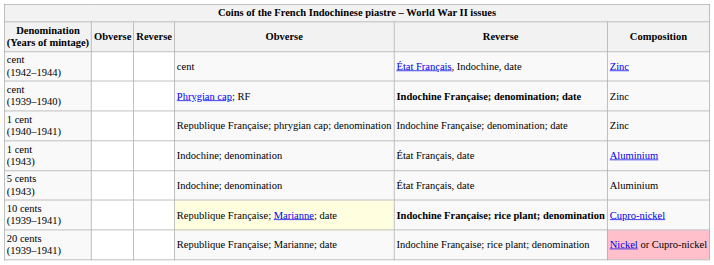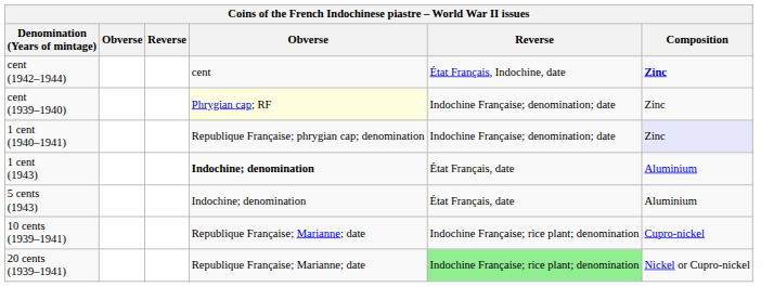 <table class="wikitable" style="font-size: 90%">
 <tr>
 <th colspan="14">Coins of the French Indochinese piastre – World War II issues</th>
 </tr>
 <tr>
 <th>Denomination<br>(Years of mintage)</th>
 <th>Obverse</th>
 <th>Reverse</th>
 <th>Obverse</th>
 <th>Reverse</th>
 <th>Composition</th>
 </tr>
 <tr>
 <td> cent<br>(1942–1944)</td>
 <td style="text-align:center; background:#fff;"></td>
 <td style="text-align:center; background:#fff;"></td>
 <td> cent</td>
 <td><a href='#'>État Français</a>, Indochine, date</td>
-<td><a href='#'>Zinc</a></td>
+<td><strong><a href='#'>Zinc</a></strong></td>
 </tr>
 <tr>
 <td> cent<br>(1939–1940)</td>
 <td style="text-align:center; background:#fff;"></td>
 <td style="text-align:center; background:#fff;"></td>
-<td><a href='#'>Phrygian cap</a>; RF</td>
-<td><strong>Indochine Française; denomination; date</strong></td>
+<td style="background: lightyellow;"><a href='#'>Phrygian cap</a>; RF</td>
+<td>Indochine Française; denomination; date</td>
 <td>Zinc</td>
 </tr>
 <tr>
 <td>1 cent<br>(1940–1941)</td>
 <td style="text-align:center; background:#fff;"></td>
 <td style="text-align:center; background:#fff;"></td>
 <td>Republique Française; phrygian cap; denomination</td>
 <td>Indochine Française; denomination; date</td>
-<td>Zinc</td>
+<td style="background: lavender;">Zinc</td>
 </tr>
 <tr>
 <td>1 cent<br>(1943)</td>
 <td style="text-align:center; background:#fff;"></td>
 <td style="text-align:center; background:#fff;"></td>
-<td>Indochine; denomination</td>
+<td><strong>Indochine; denomination</strong></td>
 <td>État Français, date</td>
 <td><a href='#'>Aluminium</a></td>
 </tr>
 <tr>
 <td>5 cents<br>(1943)</td>
 <td style="text-align:center; background:#fff;"></td>
 <td style="text-align:center; background:#fff;"></td>
 <td>Indochine; denomination</td>
 <td>État Français, date</td>
 <td>Aluminium</td>
 </tr>
 <tr>
 <td>10 cents<br>(1939–1941)</td>
 <td style="text-align:center; background:#fff;"></td>
 <td style="text-align:center; background:#fff;"></td>
-<td style="background: lightyellow;">Republique Française; <a href='#'>Marianne</a>; date</td>
-<td><strong>Indochine Française; rice plant; denomination</strong></td>
+<td>Republique Française; <a href='#'>Marianne</a>; date</td>
+<td>Indochine Française; rice plant; denomination</td>
 <td><a href='#'>Cupro-nickel</a></td>
 </tr>
 <tr>
 <td>20 cents<br>(1939–1941)</td>
 <td style="text-align:center; background:#fff;"></td>
 <td style="text-align:center; background:#fff;"></td>
 <td>Republique Française; Marianne; date</td>
-<td>Indochine Française; rice plant; denomination</td>
-<td style="background: pink;"><a href='#'>Nickel</a> or Cupro-nickel</td>
+<td style="background: lightgreen;">Indochine Française; rice plant; denomination</td>
+<td><a href='#'>Nickel</a> or Cupro-nickel</td>
 </tr>
 </table>
